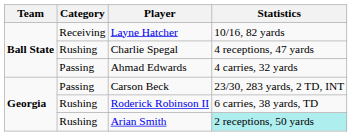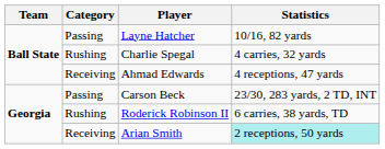 <table class="wikitable" style="float: right;">
 <tr>
 <th>Team</th>
 <th>Category</th>
 <th>Player</th>
 <th>Statistics</th>
 </tr>
 <tr>
 <td rowspan=3><strong>Ball State</strong></td>
-<td>Receiving</td>
+<td>Passing</td>
 <td><a href='#'>Layne Hatcher</a></td>
 <td>10/16, 82 yards</td>
 </tr>
 <tr>
 <td>Rushing</td>
 <td>Charlie Spegal</td>
-<td>4 receptions, 47 yards</td>
+<td>4 carries, 32 yards</td>
 </tr>
 <tr>
-<td>Passing</td>
+<td>Receiving</td>
 <td>Ahmad Edwards</td>
-<td>4 carries, 32 yards</td>
+<td>4 receptions, 47 yards</td>
 </tr>
 <tr>
 <td rowspan=3><strong>Georgia</strong></td>
 <td>Passing</td>
 <td>Carson Beck</td>
 <td>23/30, 283 yards, 2 TD, INT</td>
 </tr>
 <tr>
 <td>Rushing</td>
 <td><a href='#'>Roderick Robinson II</a></td>
 <td>6 carries, 38 yards, TD</td>
 </tr>
 <tr>
-<td>Rushing</td>
+<td>Receiving</td>
 <td><a href='#'>Arian Smith</a></td>
 <td style="background: paleturquoise;">2 receptions, 50 yards</td>
 </tr>
 </table>
